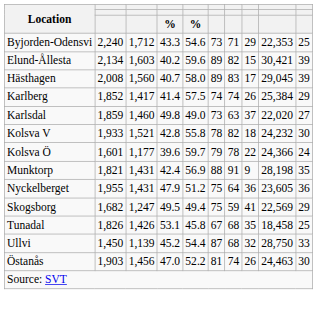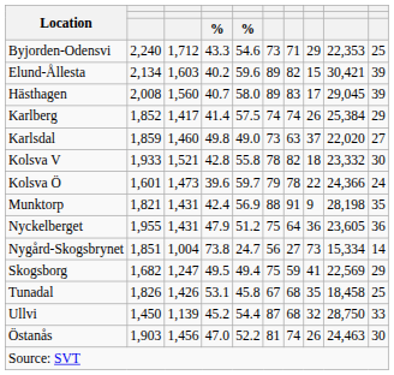 <table role="presentation" class="wikitable sortable mw-collapsible">
 <tr>
 <th rowspan="3">Location</th>
 <th></th>
 <th></th>
 <th></th>
 <th></th>
 <th></th>
 <th></th>
 <th></th>
 <th></th>
 <th></th>
 </tr>
 <tr>
 <th></th>
 <th></th>
 <th style="background:"></th>
 <th style="background:"></th>
 <th></th>
 <th></th>
 <th></th>
 <th></th>
 <th></th>
 </tr>
 <tr>
 <th data-sort-type="number"></th>
 <th data-sort-type="number"></th>
 <th data-sort-type="number">%</th>
 <th data-sort-type="number">%</th>
 <th data-sort-type="number"></th>
 <th data-sort-type="number"></th>
 <th data-sort-type="number"></th>
 <th data-sort-type="number"></th>
 <th data-sort-type="number"></th>
 </tr>
 <tr>
 <td align="left">Byjorden-Odensvi</td>
 <td>2,240</td>
 <td>1,712</td>
 <td>43.3</td>
 <td>54.6</td>
 <td>73</td>
 <td>71</td>
 <td>29</td>
 <td>22,353</td>
 <td>25</td>
 </tr>
 <tr>
 <td align="left">Elund-Ållesta</td>
 <td>2,134</td>
 <td>1,603</td>
 <td>40.2</td>
 <td>59.6</td>
 <td>89</td>
 <td>82</td>
 <td>15</td>
 <td>30,421</td>
 <td>39</td>
 </tr>
 <tr>
 <td align="left">Hästhagen</td>
 <td>2,008</td>
 <td>1,560</td>
 <td>40.7</td>
 <td>58.0</td>
 <td>89</td>
 <td>83</td>
 <td>17</td>
 <td>29,045</td>
 <td>39</td>
 </tr>
 <tr>
 <td align="left">Karlberg</td>
 <td>1,852</td>
 <td>1,417</td>
 <td>41.4</td>
 <td>57.5</td>
 <td>74</td>
 <td>74</td>
 <td>26</td>
 <td>25,384</td>
 <td>29</td>
 </tr>
 <tr>
 <td align="left">Karlsdal</td>
 <td>1,859</td>
 <td>1,460</td>
 <td>49.8</td>
 <td>49.0</td>
 <td>73</td>
 <td>63</td>
 <td>37</td>
 <td>22,020</td>
 <td>27</td>
 </tr>
 <tr>
 <td align="left">Kolsva V</td>
 <td>1,933</td>
 <td>1,521</td>
 <td>42.8</td>
 <td>55.8</td>
 <td>78</td>
 <td>82</td>
 <td>18</td>
-<td>24,232</td>
+<td>23,332</td>
 <td>30</td>
 </tr>
 <tr>
 <td align="left">Kolsva Ö</td>
 <td>1,601</td>
-<td>1,177</td>
+<td>1,473</td>
 <td>39.6</td>
 <td>59.7</td>
 <td>79</td>
 <td>78</td>
 <td>22</td>
 <td>24,366</td>
 <td>24</td>
 </tr>
 <tr>
 <td align="left">Munktorp</td>
 <td>1,821</td>
 <td>1,431</td>
 <td>42.4</td>
 <td>56.9</td>
 <td>88</td>
 <td>91</td>
 <td>9</td>
 <td>28,198</td>
 <td>35</td>
 </tr>
 <tr>
 <td align="left">Nyckelberget</td>
 <td>1,955</td>
 <td>1,431</td>
 <td>47.9</td>
 <td>51.2</td>
 <td>75</td>
 <td>64</td>
 <td>36</td>
 <td>23,605</td>
 <td>36</td>
+</tr>
+<tr>
+<td align="left">Nygård-Skogsbrynet</td>
+<td>1,851</td>
+<td>1,004</td>
+<td>73.8</td>
+<td>24.7</td>
+<td>56</td>
+<td>27</td>
+<td>73</td>
+<td>15,334</td>
+<td>14</td>
 </tr>
 <tr>
 <td align="left">Skogsborg</td>
 <td>1,682</td>
 <td>1,247</td>
 <td>49.5</td>
 <td>49.4</td>
 <td>75</td>
 <td>59</td>
 <td>41</td>
 <td>22,569</td>
 <td>29</td>
 </tr>
 <tr>
 <td align="left">Tunadal</td>
 <td>1,826</td>
 <td>1,426</td>
 <td>53.1</td>
 <td>45.8</td>
 <td>67</td>
 <td>68</td>
 <td>35</td>
 <td>18,458</td>
 <td>25</td>
 </tr>
 <tr>
 <td align="left">Ullvi</td>
 <td>1,450</td>
 <td>1,139</td>
 <td>45.2</td>
 <td>54.4</td>
 <td>87</td>
 <td>68</td>
 <td>32</td>
 <td>28,750</td>
 <td>33</td>
 </tr>
 <tr>
 <td align="left">Östanås</td>
 <td>1,903</td>
 <td>1,456</td>
 <td>47.0</td>
 <td>52.2</td>
 <td>81</td>
 <td>74</td>
 <td>26</td>
 <td>24,463</td>
 <td>30</td>
 </tr>
 <tr>
 <td colspan="10" align="left">Source: <a href='#'>SVT</a></td>
 </tr>
 </table>
